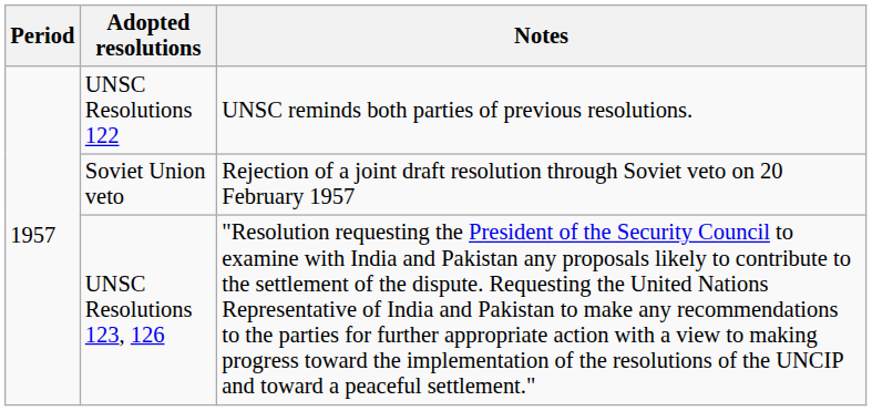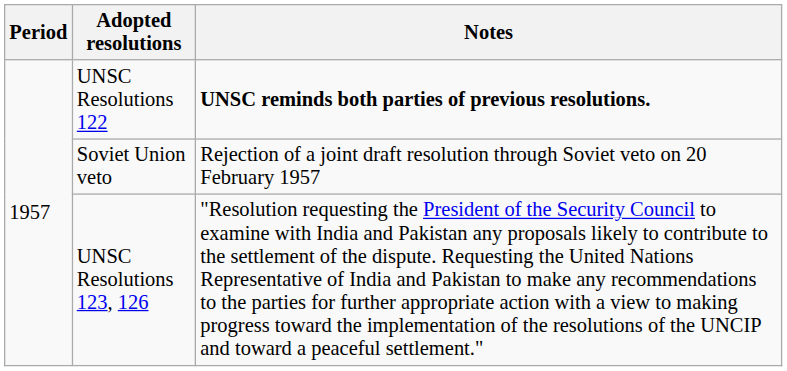 <table class="wikitable">
 <tr>
 <th>Period</th>
 <th>Adopted resolutions</th>
 <th>Notes</th>
 </tr>
 <tr>
 <td rowspan="3">1957</td>
 <td>UNSC Resolutions <a href='#'>122</a></td>
-<td>UNSC reminds both parties of previous resolutions.</td>
+<td><strong>UNSC reminds both parties of previous resolutions.</strong></td>
 </tr>
 <tr>
 <td>Soviet Union veto</td>
 <td>Rejection of a joint draft resolution through Soviet veto on 20 February 1957</td>
 </tr>
 <tr>
 <td>UNSC Resolutions <a href='#'>123</a>, <a href='#'>126</a></td>
 <td>"Resolution requesting the <a href='#'>President of the Security Council</a> to examine with India and Pakistan any proposals likely to contribute to the settlement of the dispute. Requesting the United Nations Representative of India and Pakistan to make any recommendations to the parties for further appropriate action with a view to making progress toward the implementation of the resolutions of the UNCIP and toward a peaceful settlement."</td>
 </tr>
 </table>
